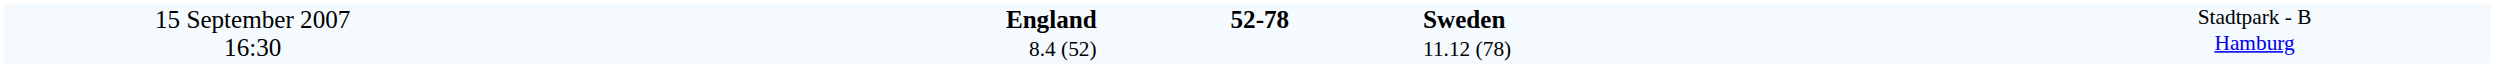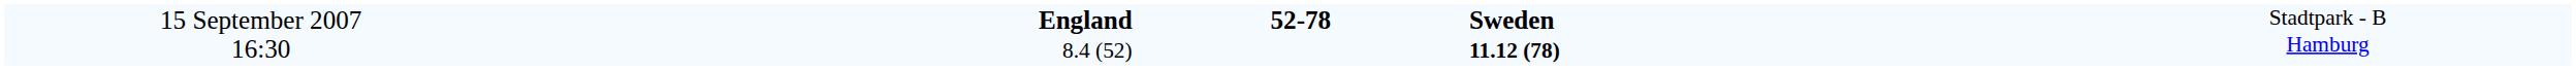 <table style="width: 100%; background:#F5FAFF;" cellspacing="0">
 <tr>
 <td align=center rowspan=3 width=20%>15 September 2007<br>16:30</td>
 </tr>
 <tr>
 <td width=24% align=right><strong>England</strong></td>
 <td align=center width=13%><strong>52-78</strong></td>
 <td width=24%><strong>Sweden</strong></td>
 <td style=font-size:85% rowspan=3 valign=top align=center>Stadtpark - B <br><a href='#'>Hamburg</a></td>
 </tr>
 <tr style=font-size:85%>
 <td align=right>8.4 (52)</td>
 <td align=center></td>
-<td>11.12 (78)</td>
+<td><strong>11.12 (78)</strong></td>
 </tr>
 </table>
